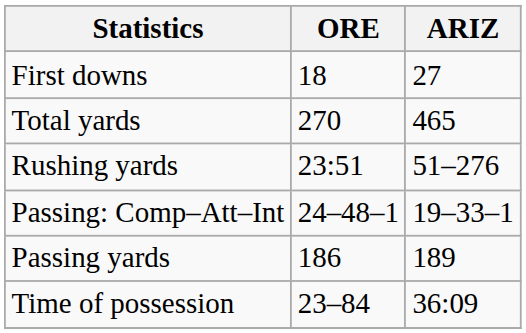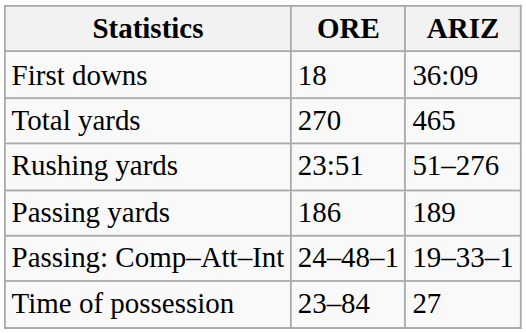 <table class="wikitable" style="float: left;">
 <tr>
 <th>Statistics</th>
 <th>ORE</th>
 <th>ARIZ</th>
 </tr>
 <tr>
 <td>First downs</td>
 <td>18</td>
-<td>27</td>
+<td>36:09</td>
 </tr>
 <tr>
 <td>Total yards</td>
 <td>270</td>
 <td>465</td>
 </tr>
 <tr>
 <td>Rushing yards</td>
 <td>23:51</td>
 <td>51–276</td>
 </tr>
 <tr>
+<td>Passing yards</td>
+<td>186</td>
+<td>189</td>
+</tr>
+<tr>
 <td>Passing: Comp–Att–Int</td>
 <td>24–48–1</td>
 <td>19–33–1</td>
 </tr>
 <tr>
-<td>Passing yards</td>
-<td>186</td>
-<td>189</td>
-</tr>
-<tr>
 <td>Time of possession</td>
 <td>23–84</td>
-<td>36:09</td>
+<td>27</td>
 </tr>
 <tr>
 </tr>
 </table>
